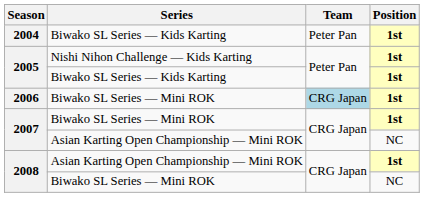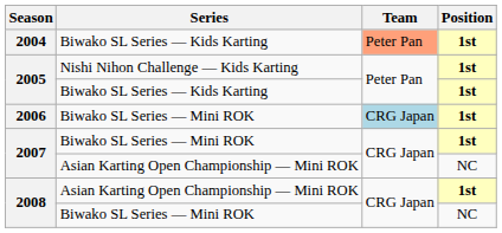 <table class="wikitable" style="font-size: 85%; text-align:center">
 <tr>
 <th>Season</th>
 <th>Series</th>
 <th>Team</th>
 <th>Position</th>
 </tr>
 <tr>
 <th>2004</th>
 <td align="left">Biwako SL Series — Kids Karting</td>
-<td align="left">Peter Pan</td>
+<td align="left" style="background: lightsalmon;">Peter Pan</td>
 <td style="background:#FFFFBF;"><strong>1st</strong></td>
 </tr>
 <tr>
 <th rowspan="2">2005</th>
 <td align="left">Nishi Nihon Challenge — Kids Karting</td>
 <td rowspan="2" align="left">Peter Pan</td>
 <td style="background:#FFFFBF;"><strong>1st</strong></td>
 </tr>
 <tr>
 <td align="left">Biwako SL Series — Kids Karting</td>
 <td style="background:#FFFFBF;"><strong>1st</strong></td>
 </tr>
 <tr>
 <th>2006</th>
 <td align="left">Biwako SL Series — Mini ROK</td>
 <td style="background: lightblue;">CRG Japan</td>
 <td style="background:#FFFFBF;"><strong>1st</strong></td>
 </tr>
 <tr>
 <th rowspan="2">2007</th>
 <td align="left">Biwako SL Series — Mini ROK</td>
 <td rowspan="2">CRG Japan</td>
 <td style="background:#FFFFBF;"><strong>1st</strong></td>
 </tr>
 <tr>
 <td align="left">Asian Karting Open Championship — Mini ROK</td>
 <td>NC</td>
 </tr>
 <tr>
 <th rowspan="2">2008</th>
 <td align="left">Asian Karting Open Championship — Mini ROK</td>
 <td rowspan="2">CRG Japan</td>
 <td style="background:#FFFFBF;"><strong>1st</strong></td>
 </tr>
 <tr>
 <td align="left">Biwako SL Series — Mini ROK</td>
 <td>NC</td>
 </tr>
 </table>
